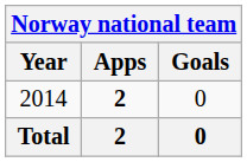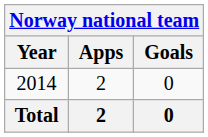 <table class="wikitable" style="text-align:center">
 <tr>
 <th colspan=3><a href='#'>Norway national team</a></th>
 </tr>
 <tr>
 <th>Year</th>
 <th>Apps</th>
 <th>Goals</th>
 </tr>
 <tr>
 <td>2014</td>
-<td><strong>2</strong></td>
+<td>2</td>
 <td>0</td>
 </tr>
 <tr>
 <th>Total</th>
 <th>2</th>
 <th>0</th>
 </tr>
 </table>
